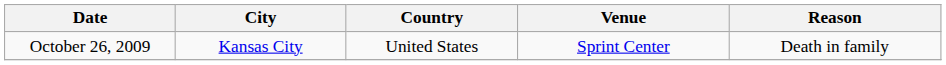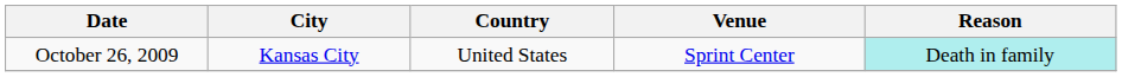 <table class="wikitable" style="text-align:center;">
 <tr>
 <th scope="col" style="width:11em;">Date</th>
 <th scope="col" style="width:11em;">City</th>
 <th scope="col" style="width:11em;">Country</th>
 <th scope="col" style="width:14em;">Venue</th>
 <th scope="col" style="width:14em;">Reason</th>
 </tr>
 <tr>
 <td>October 26, 2009</td>
 <td><a href='#'>Kansas City</a></td>
 <td>United States</td>
 <td><a href='#'>Sprint Center</a></td>
-<td>Death in family</td>
+<td style="background: paleturquoise;">Death in family</td>
 </tr>
 <tr>
 </tr>
 </table>
